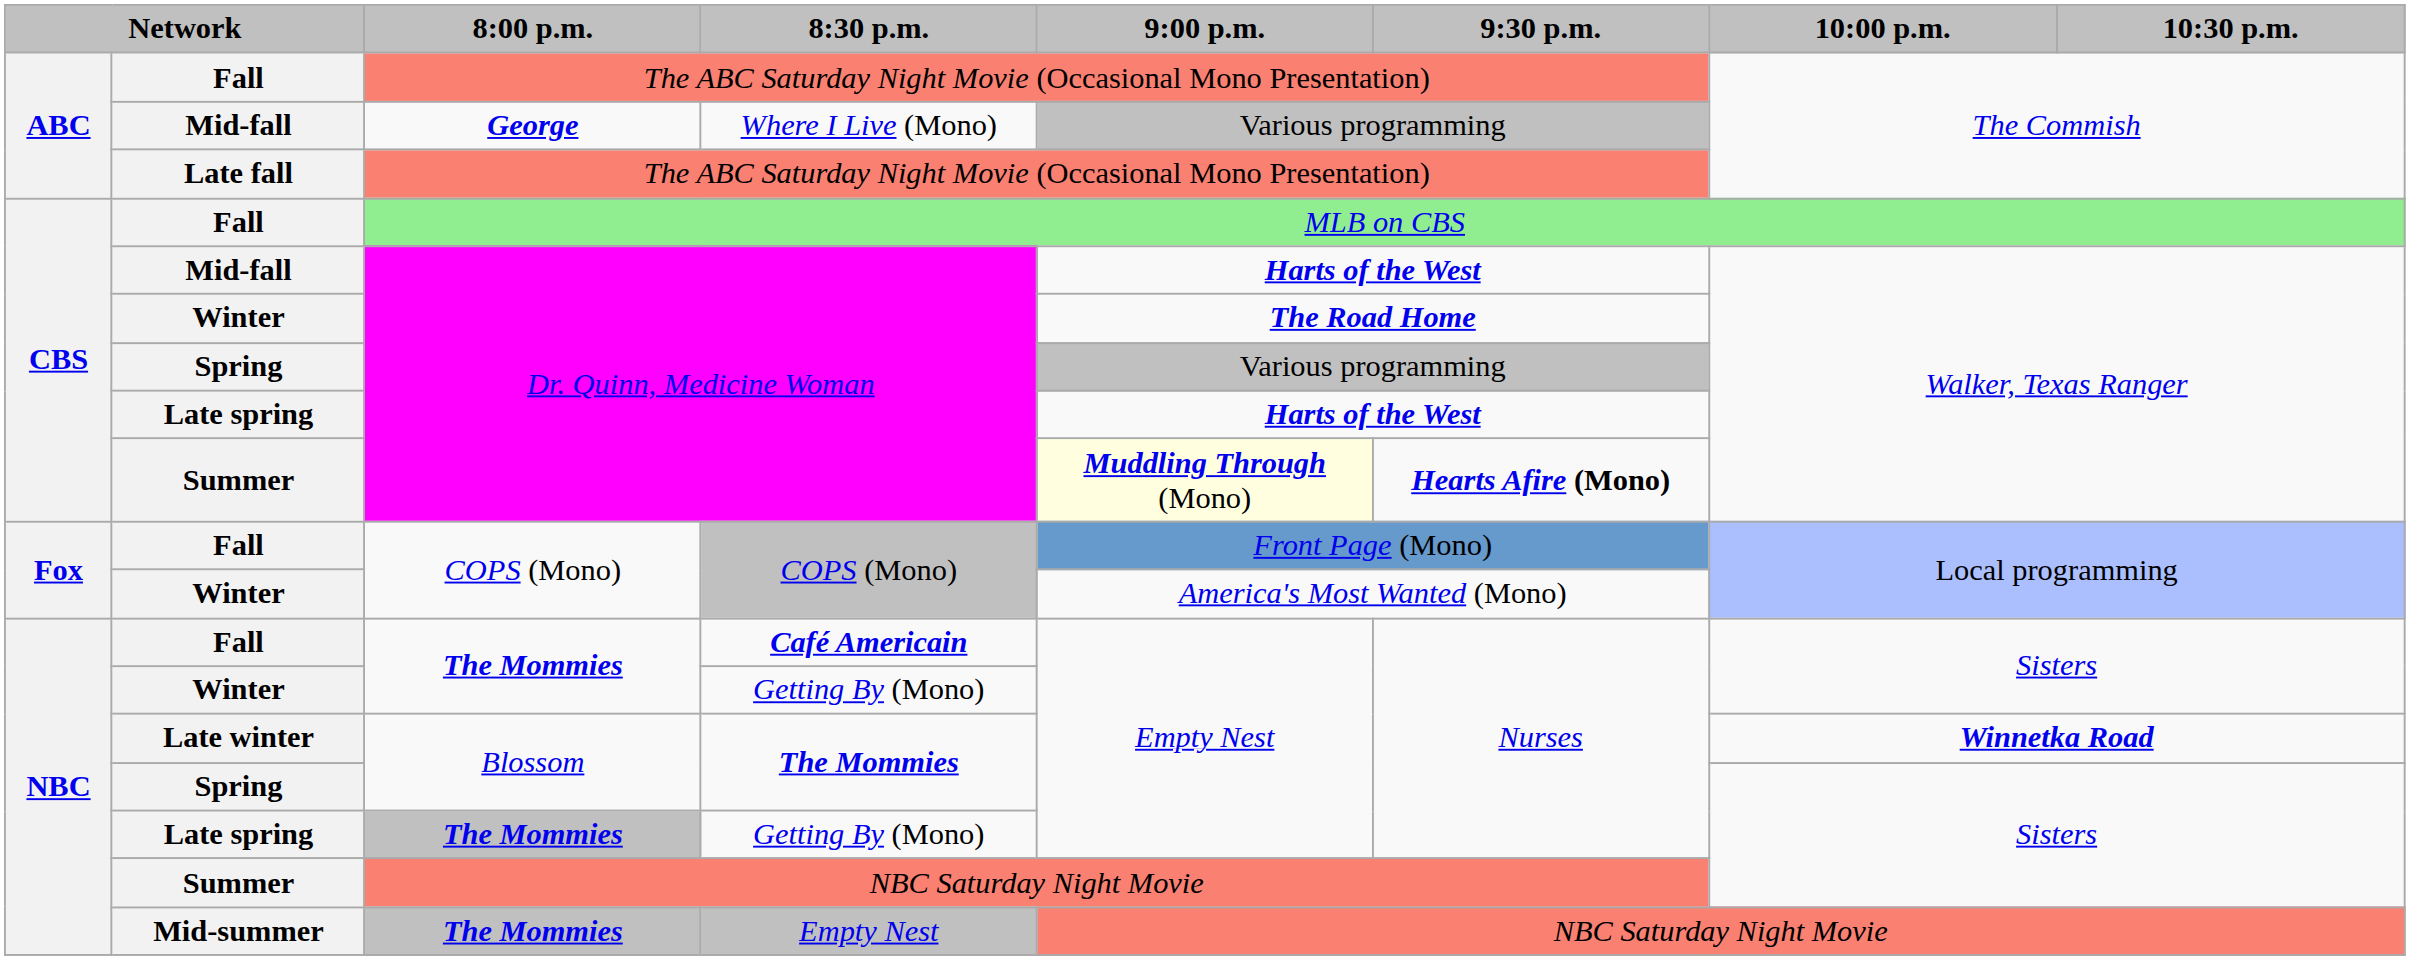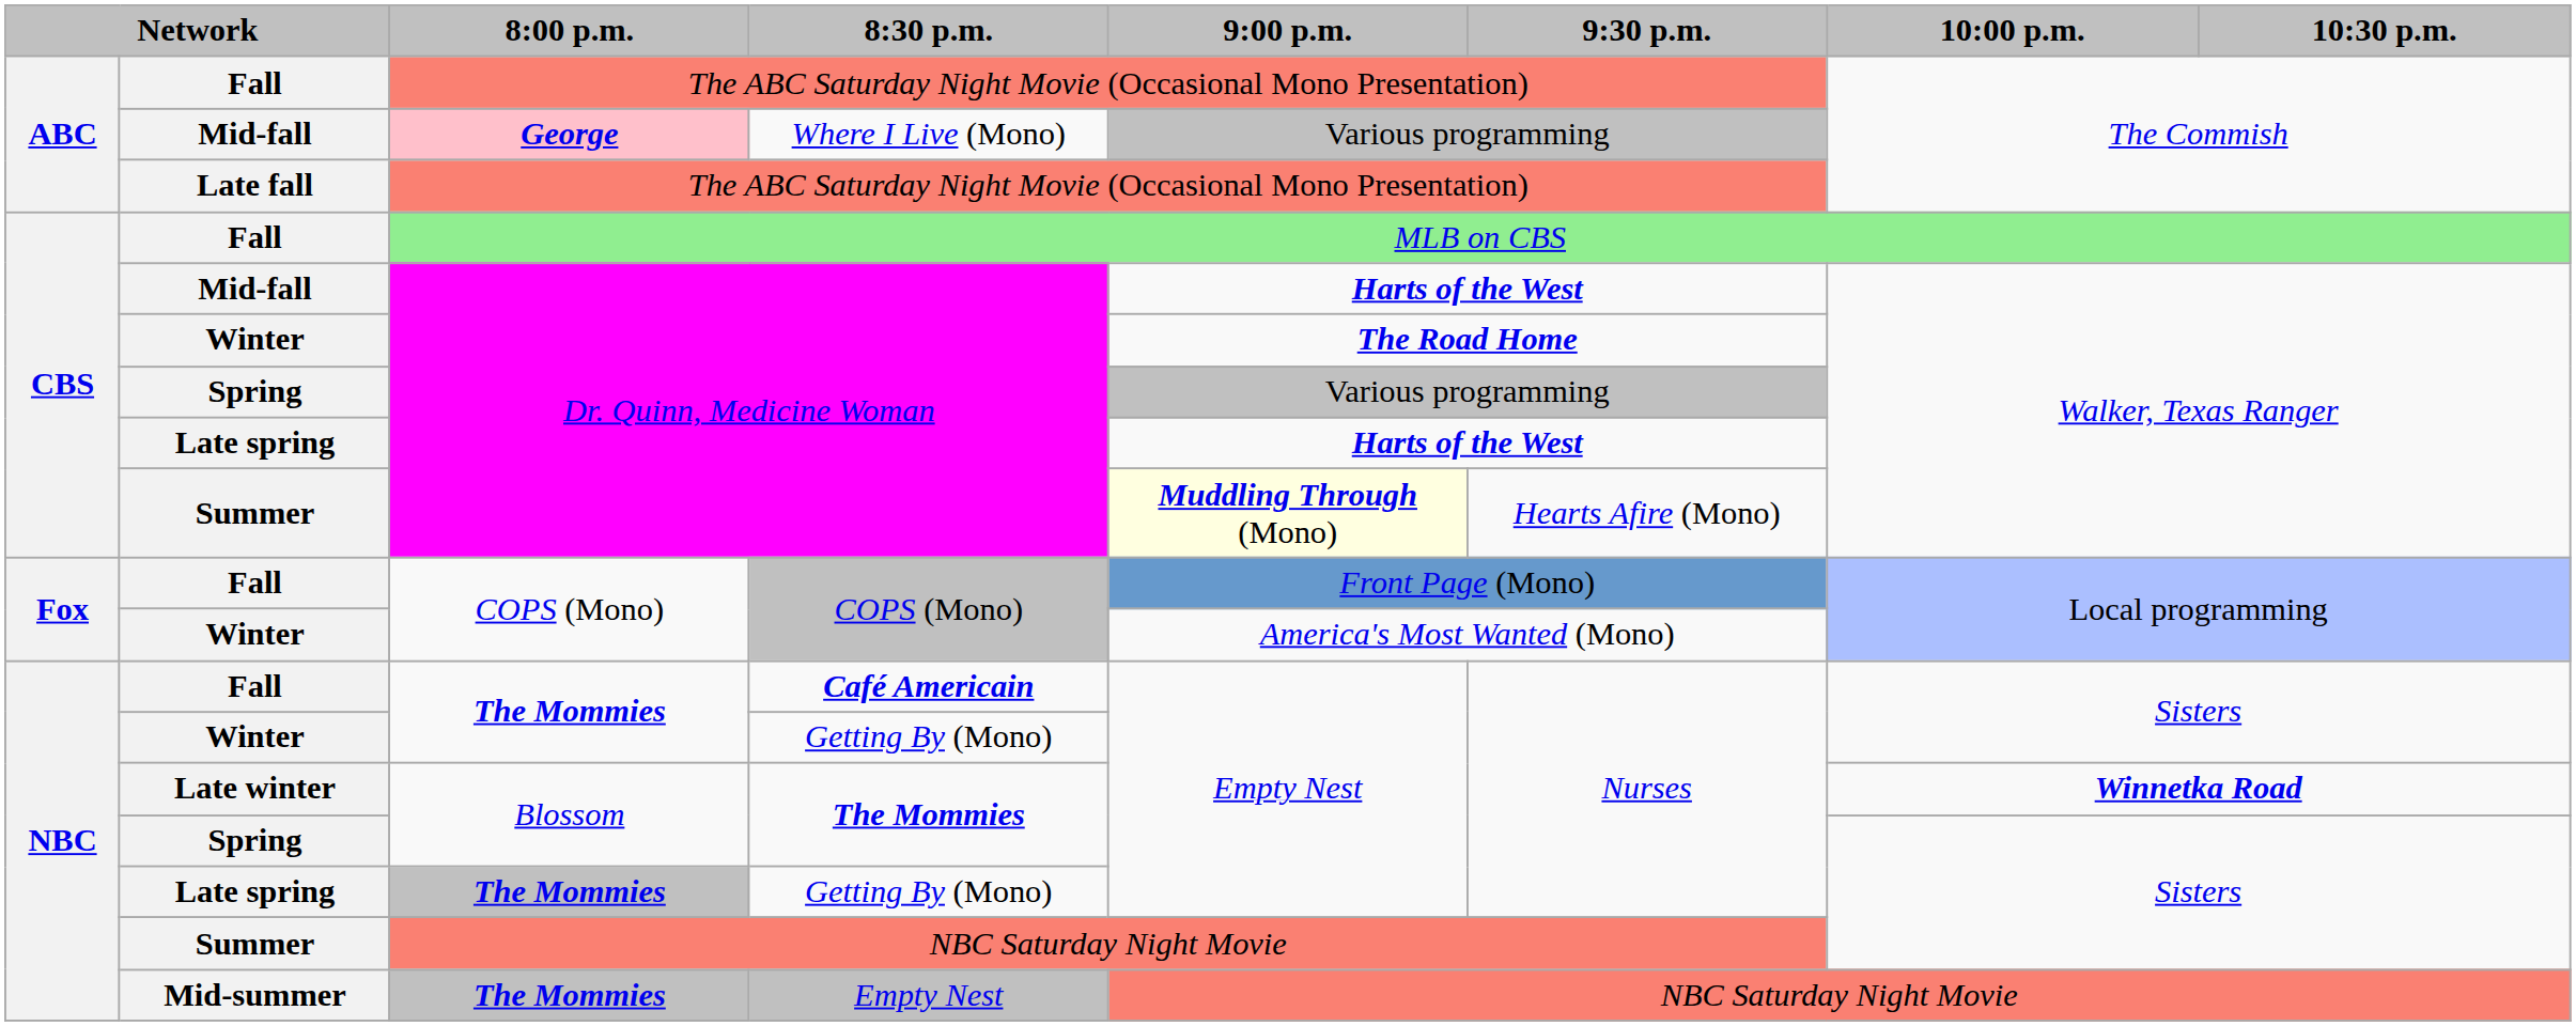 <table class="wikitable" style="width:100%;margin-right:0;text-align:center">
 <tr>
 <th colspan="2" style="background-color:#C0C0C0;text-align:center;width:15%;">Network</th>
 <th style="background-color:#C0C0C0;text-align:center;width:14%;">8:00 p.m.</th>
 <th style="background-color:#C0C0C0;text-align:center;width:14%;">8:30 p.m.</th>
 <th style="background-color:#C0C0C0;text-align:center;width:14%;">9:00 p.m.</th>
 <th style="background-color:#C0C0C0;text-align:center;width:14%;">9:30 p.m.</th>
 <th style="background-color:#C0C0C0;text-align:center">10:00 p.m.</th>
 <th style="background-color:#C0C0C0;text-align:center">10:30 p.m.</th>
 </tr>
 <tr>
 <th rowspan="3"><a href='#'>ABC</a></th>
 <th>Fall</th>
 <td colspan="4" style="background:#FA8072;"><em>The ABC Saturday Night Movie</em> (Occasional Mono Presentation)</td>
 <td colspan="2" rowspan="3"><em><a href='#'>The Commish</a></em></td>
 </tr>
 <tr>
 <th>Mid-fall</th>
-<td><strong><em><a href='#'>George</a></em></strong></td>
+<td style="background: pink;"><strong><em><a href='#'>George</a></em></strong></td>
 <td><em><a href='#'>Where I Live</a></em> (Mono)</td>
 <td colspan="2" style="background:#C0C0C0;">Various programming</td>
 </tr>
 <tr>
 <th>Late fall</th>
 <td colspan="4" style="background:#FA8072;"><em>The ABC Saturday Night Movie</em> (Occasional Mono Presentation)</td>
 </tr>
 <tr>
 <th rowspan="6"><a href='#'>CBS</a></th>
 <th>Fall</th>
 <td colspan="6" style="background:lightgreen;"><em><a href='#'>MLB on CBS</a></em></td>
 </tr>
 <tr>
 <th>Mid-fall</th>
 <td colspan="2" rowspan="5" style="background:#FF00FF;"><em><a href='#'>Dr. Quinn, Medicine Woman</a></em> </td>
 <td colspan="2"><strong><em><a href='#'>Harts of the West</a></em></strong></td>
 <td colspan="2" rowspan="5"><em><a href='#'>Walker, Texas Ranger</a></em></td>
 </tr>
 <tr>
 <th>Winter</th>
 <td colspan="2"><strong><em><a href='#'>The Road Home</a></em></strong></td>
 </tr>
 <tr>
 <th>Spring</th>
 <td colspan="2" style="background:#C0C0C0;">Various programming</td>
 </tr>
 <tr>
 <th>Late spring</th>
 <td colspan="2"><strong><em><a href='#'>Harts of the West</a></em></strong></td>
 </tr>
 <tr>
 <th>Summer</th>
 <td style="background: lightyellow;"><strong><em><a href='#'>Muddling Through</a></em></strong><br>(Mono)</td>
-<td><strong><em><a href='#'>Hearts Afire</a></em> (Mono)</strong></td>
+<td><em><a href='#'>Hearts Afire</a></em> (Mono)</td>
 </tr>
 <tr>
 <th rowspan="2"><a href='#'>Fox</a></th>
 <th>Fall</th>
 <td rowspan="2"><em><a href='#'>COPS</a></em> (Mono)</td>
 <td rowspan="2" style="background:#C0C0C0;"><em><a href='#'>COPS</a></em> (Mono) </td>
 <td colspan="2" style="background:#6699CC;"><em><a href='#'>Front Page</a></em> (Mono)</td>
 <td colspan="2" rowspan="2" style="background:#abbfff;">Local programming</td>
 </tr>
 <tr>
 <th>Winter</th>
 <td colspan="2"><em><a href='#'>America's Most Wanted</a></em> (Mono)</td>
 </tr>
 <tr>
 <th rowspan="7"><a href='#'>NBC</a></th>
 <th>Fall</th>
 <td rowspan="2"><strong><em><a href='#'>The Mommies</a></em></strong></td>
 <td><strong><em><a href='#'>Café Americain</a></em></strong></td>
 <td rowspan="5"><em><a href='#'>Empty Nest</a></em></td>
 <td rowspan="5"><em><a href='#'>Nurses</a></em></td>
 <td colspan="2" rowspan="2"><em><a href='#'>Sisters</a></em></td>
 </tr>
 <tr>
 <th>Winter</th>
 <td><em><a href='#'>Getting By</a></em> (Mono)</td>
 </tr>
 <tr>
 <th>Late winter</th>
 <td rowspan="2"><em><a href='#'>Blossom</a></em></td>
 <td rowspan="2"><strong><em><a href='#'>The Mommies</a></em></strong></td>
 <td colspan="2"><strong><em><a href='#'>Winnetka Road</a></em></strong></td>
 </tr>
 <tr>
 <th>Spring</th>
 <td colspan="2" rowspan="3"><em><a href='#'>Sisters</a></em></td>
 </tr>
 <tr>
 <th>Late spring</th>
 <td style="background:#C0C0C0;"><strong><em><a href='#'>The Mommies</a></em></strong> </td>
 <td><em><a href='#'>Getting By</a></em> (Mono)</td>
 </tr>
 <tr>
 <th>Summer</th>
 <td colspan="4" style="background:#FA8072;"><em>NBC Saturday Night Movie</em></td>
 </tr>
 <tr>
 <th>Mid-summer</th>
 <td style="background:#C0C0C0;"><strong><em><a href='#'>The Mommies</a></em></strong> </td>
 <td style="background:#C0C0C0;"><em><a href='#'>Empty Nest</a></em> </td>
 <td colspan="4" style="background:#FA8072;"><em>NBC Saturday Night Movie</em></td>
 </tr>
 </table>
